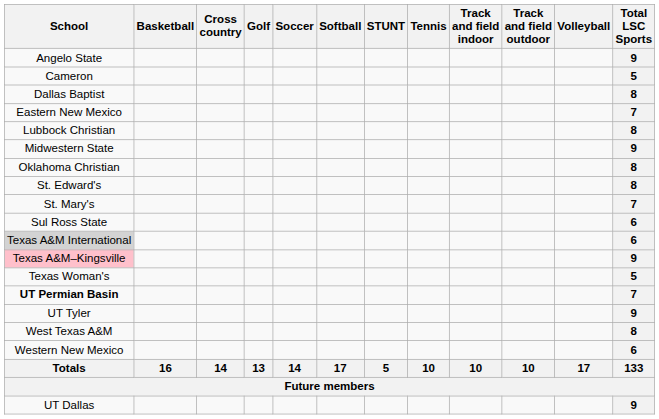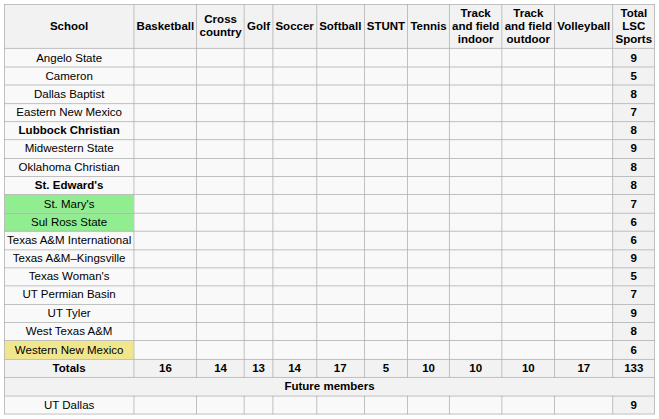 <table class="wikitable" style="text-align:center">
 <tr>
 <th>School</th>
 <th>Basketball</th>
 <th>Cross<br>country</th>
 <th>Golf</th>
 <th>Soccer</th>
 <th>Softball</th>
 <th>STUNT</th>
 <th>Tennis</th>
 <th>Track<br>and field<br>indoor</th>
 <th>Track<br>and field<br>outdoor</th>
 <th>Volleyball</th>
 <th>Total<br>LSC<br>Sports</th>
 </tr>
 <tr>
 <td>Angelo State</td>
 <td></td>
 <td></td>
 <td></td>
 <td></td>
 <td></td>
 <td></td>
 <td></td>
 <td></td>
 <td></td>
 <td></td>
 <th>9</th>
 </tr>
 <tr>
 <td>Cameron</td>
 <td></td>
 <td></td>
 <td></td>
 <td></td>
 <td></td>
 <td></td>
 <td></td>
 <td></td>
 <td></td>
 <td></td>
 <th>5</th>
 </tr>
 <tr>
 <td>Dallas Baptist</td>
 <td></td>
 <td></td>
 <td></td>
 <td></td>
 <td></td>
 <td></td>
 <td></td>
 <td></td>
 <td></td>
 <td></td>
 <th>8</th>
 </tr>
 <tr>
 <td>Eastern New Mexico</td>
 <td></td>
 <td></td>
 <td></td>
 <td></td>
 <td></td>
 <td></td>
 <td></td>
 <td></td>
 <td></td>
 <td></td>
 <th>7</th>
 </tr>
 <tr>
-<td>Lubbock Christian</td>
+<td><strong>Lubbock Christian</strong></td>
 <td></td>
 <td></td>
 <td></td>
 <td></td>
 <td></td>
 <td></td>
 <td></td>
 <td></td>
 <td></td>
 <td></td>
 <th>8</th>
 </tr>
 <tr>
 <td>Midwestern State</td>
 <td></td>
 <td></td>
 <td></td>
 <td></td>
 <td></td>
 <td></td>
 <td></td>
 <td></td>
 <td></td>
 <td></td>
 <th>9</th>
 </tr>
 <tr>
 <td>Oklahoma Christian</td>
 <td></td>
 <td></td>
 <td></td>
 <td></td>
 <td></td>
 <td></td>
 <td></td>
 <td></td>
 <td></td>
 <td></td>
 <th>8</th>
 </tr>
 <tr>
-<td>St. Edward's</td>
+<td><strong>St. Edward's</strong></td>
 <td></td>
 <td></td>
 <td></td>
 <td></td>
 <td></td>
 <td></td>
 <td></td>
 <td></td>
 <td></td>
 <td></td>
 <th>8</th>
 </tr>
 <tr>
-<td>St. Mary's</td>
+<td style="background: lightgreen;">St. Mary's</td>
 <td></td>
 <td></td>
 <td></td>
 <td></td>
 <td></td>
 <td></td>
 <td></td>
 <td></td>
 <td></td>
 <td></td>
 <th>7</th>
 </tr>
 <tr>
-<td>Sul Ross State</td>
+<td style="background: lightgreen;">Sul Ross State</td>
 <td></td>
 <td></td>
 <td></td>
 <td></td>
 <td></td>
 <td></td>
 <td></td>
 <td></td>
 <td></td>
 <td></td>
 <th>6</th>
 </tr>
 <tr>
-<td style="background: lightgrey;">Texas A&M International</td>
+<td>Texas A&M International</td>
 <td></td>
 <td></td>
 <td></td>
 <td></td>
 <td></td>
 <td></td>
 <td></td>
 <td></td>
 <td></td>
 <td></td>
 <th>6</th>
 </tr>
 <tr>
-<td style="background: pink;">Texas A&M–Kingsville</td>
+<td>Texas A&M–Kingsville</td>
 <td></td>
 <td></td>
 <td></td>
 <td></td>
 <td></td>
 <td></td>
 <td></td>
 <td></td>
 <td></td>
 <td></td>
 <th>9</th>
 </tr>
 <tr>
 <td>Texas Woman's</td>
 <td></td>
 <td></td>
 <td></td>
 <td></td>
 <td></td>
 <td></td>
 <td></td>
 <td></td>
 <td></td>
 <td></td>
 <th>5</th>
 </tr>
 <tr>
-<td><strong>UT Permian Basin</strong></td>
+<td>UT Permian Basin</td>
 <td></td>
 <td></td>
 <td></td>
 <td></td>
 <td></td>
 <td></td>
 <td></td>
 <td></td>
 <td></td>
 <td></td>
 <th>7</th>
 </tr>
 <tr>
 <td>UT Tyler</td>
 <td></td>
 <td></td>
 <td></td>
 <td></td>
 <td></td>
 <td></td>
 <td></td>
 <td></td>
 <td></td>
 <td></td>
 <th>9</th>
 </tr>
 <tr>
 <td>West Texas A&M</td>
 <td></td>
 <td></td>
 <td></td>
 <td></td>
 <td></td>
 <td></td>
 <td></td>
 <td></td>
 <td></td>
 <td></td>
 <th>8</th>
 </tr>
 <tr>
-<td>Western New Mexico</td>
+<td style="background: khaki;">Western New Mexico</td>
 <td></td>
 <td></td>
 <td></td>
 <td></td>
 <td></td>
 <td></td>
 <td></td>
 <td></td>
 <td></td>
 <td></td>
 <th>6</th>
 </tr>
 <tr>
 <th>Totals</th>
 <th>16</th>
 <th>14</th>
 <th>13</th>
 <th>14</th>
 <th>17</th>
 <th>5</th>
 <th>10</th>
 <th>10</th>
 <th>10</th>
 <th>17</th>
 <th>133</th>
 </tr>
 <tr>
 <th colspan=12 align=center><strong>Future members</strong></th>
 </tr>
 <tr>
 <td>UT Dallas</td>
 <td></td>
 <td></td>
 <td></td>
 <td></td>
 <td></td>
 <td></td>
 <td></td>
 <td></td>
 <td></td>
 <td></td>
 <th>9</th>
 </tr>
 </table>
